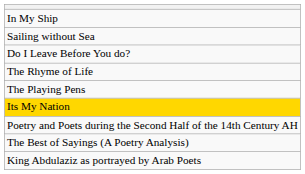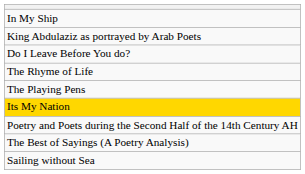 <table class="wikitable">
 <tr>
 <th></th>
 </tr>
 <tr>
 <td>In My Ship</td>
 </tr>
 <tr>
-<td>Sailing without Sea</td>
+<td>King Abdulaziz as portrayed by Arab Poets</td>
 </tr>
 <tr>
 <td>Do I Leave Before You do?</td>
 </tr>
 <tr>
 <td>The Rhyme of Life</td>
 </tr>
 <tr>
 <td>The Playing Pens</td>
 </tr>
 <tr>
 <td style="background: gold;">Its My Nation</td>
 </tr>
 <tr>
 <td>Poetry and Poets during the Second Half of the 14th Century AH</td>
 </tr>
 <tr>
 <td>The Best of Sayings (A Poetry Analysis)</td>
 </tr>
 <tr>
-<td>King Abdulaziz as portrayed by Arab Poets</td>
+<td>Sailing without Sea</td>
 </tr>
 </table>
